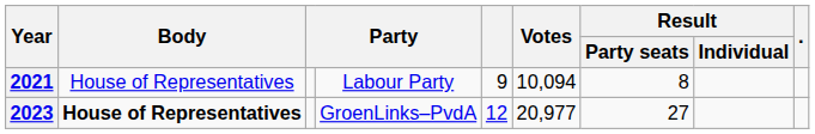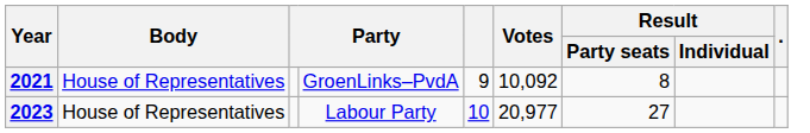 <table class="wikitable plainrowheaders sortable" border=2 cellpadding=4 cellspacing=0 style="border: 1px #aaa solid; font-size: 90%; text-align:center;">
 <tr>
 <th scope="col" rowspan=2>Year</th>
 <th scope="col" rowspan=2>Body</th>
 <th scope="col" colspan=2 rowspan=2>Party</th>
 <th scope="col" rowspan=2></th>
 <th scope="col" rowspan=2>Votes</th>
 <th scope="colgroup" colspan=2>Result</th>
 <th scope="col" rowspan=2 class="unsortable">.</th>
 </tr>
 <tr>
 <th scope="col">Party seats</th>
 <th scope="col">Individual</th>
 </tr>
 <tr>
 <th scope="row"><a href='#'>2021</a></th>
 <td><a href='#'>House of Representatives</a></td>
 <td style="background-color:"></td>
-<td><a href='#'>Labour Party</a></td>
+<td><a href='#'>GroenLinks–PvdA</a></td>
 <td style=text-align:right>9</td>
-<td style=text-align:right>10,094</td>
+<td style=text-align:right>10,092</td>
 <td style=text-align:right>8</td>
 <td></td>
 <td></td>
 </tr>
 <tr>
 <th scope="row"><a href='#'>2023</a></th>
-<td><strong>House of Representatives</strong></td>
+<td>House of Representatives</td>
 <td style="background-color:"></td>
-<td><a href='#'>GroenLinks–PvdA</a></td>
-<td style=text-align:right><a href='#'>12</a></td>
+<td><a href='#'>Labour Party</a></td>
+<td style=text-align:right><a href='#'>10</a></td>
 <td style=text-align:right>20,977</td>
 <td style=text-align:right>27</td>
 <td></td>
 <td></td>
 </tr>
 </table>
